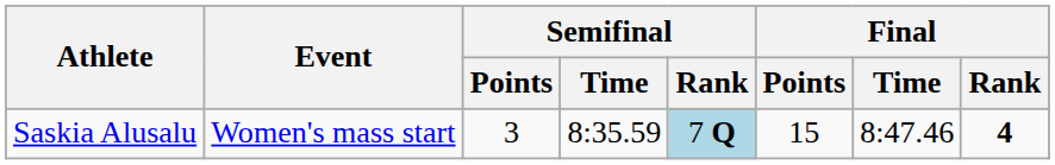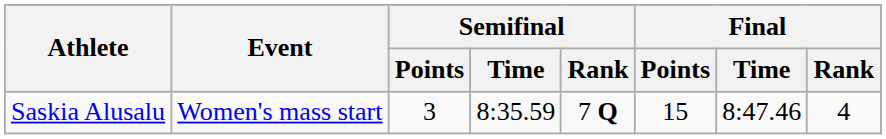 <table class="wikitable" style="font-size:90%">
 <tr>
 <th rowspan=2>Athlete</th>
 <th rowspan=2>Event</th>
 <th colspan=3>Semifinal</th>
 <th colspan=3>Final</th>
 </tr>
 <tr>
 <th>Points</th>
 <th>Time</th>
 <th>Rank</th>
 <th>Points</th>
 <th>Time</th>
 <th>Rank</th>
 </tr>
 <tr align=center>
 <td align=left><a href='#'>Saskia Alusalu</a></td>
 <td align=left><a href='#'>Women's mass start</a></td>
 <td>3</td>
 <td>8:35.59</td>
-<td style="background: lightblue;">7 <strong>Q</strong></td>
+<td>7 <strong>Q</strong></td>
 <td>15</td>
 <td>8:47.46</td>
-<td><strong>4</strong></td>
+<td>4</td>
 </tr>
 </table>
